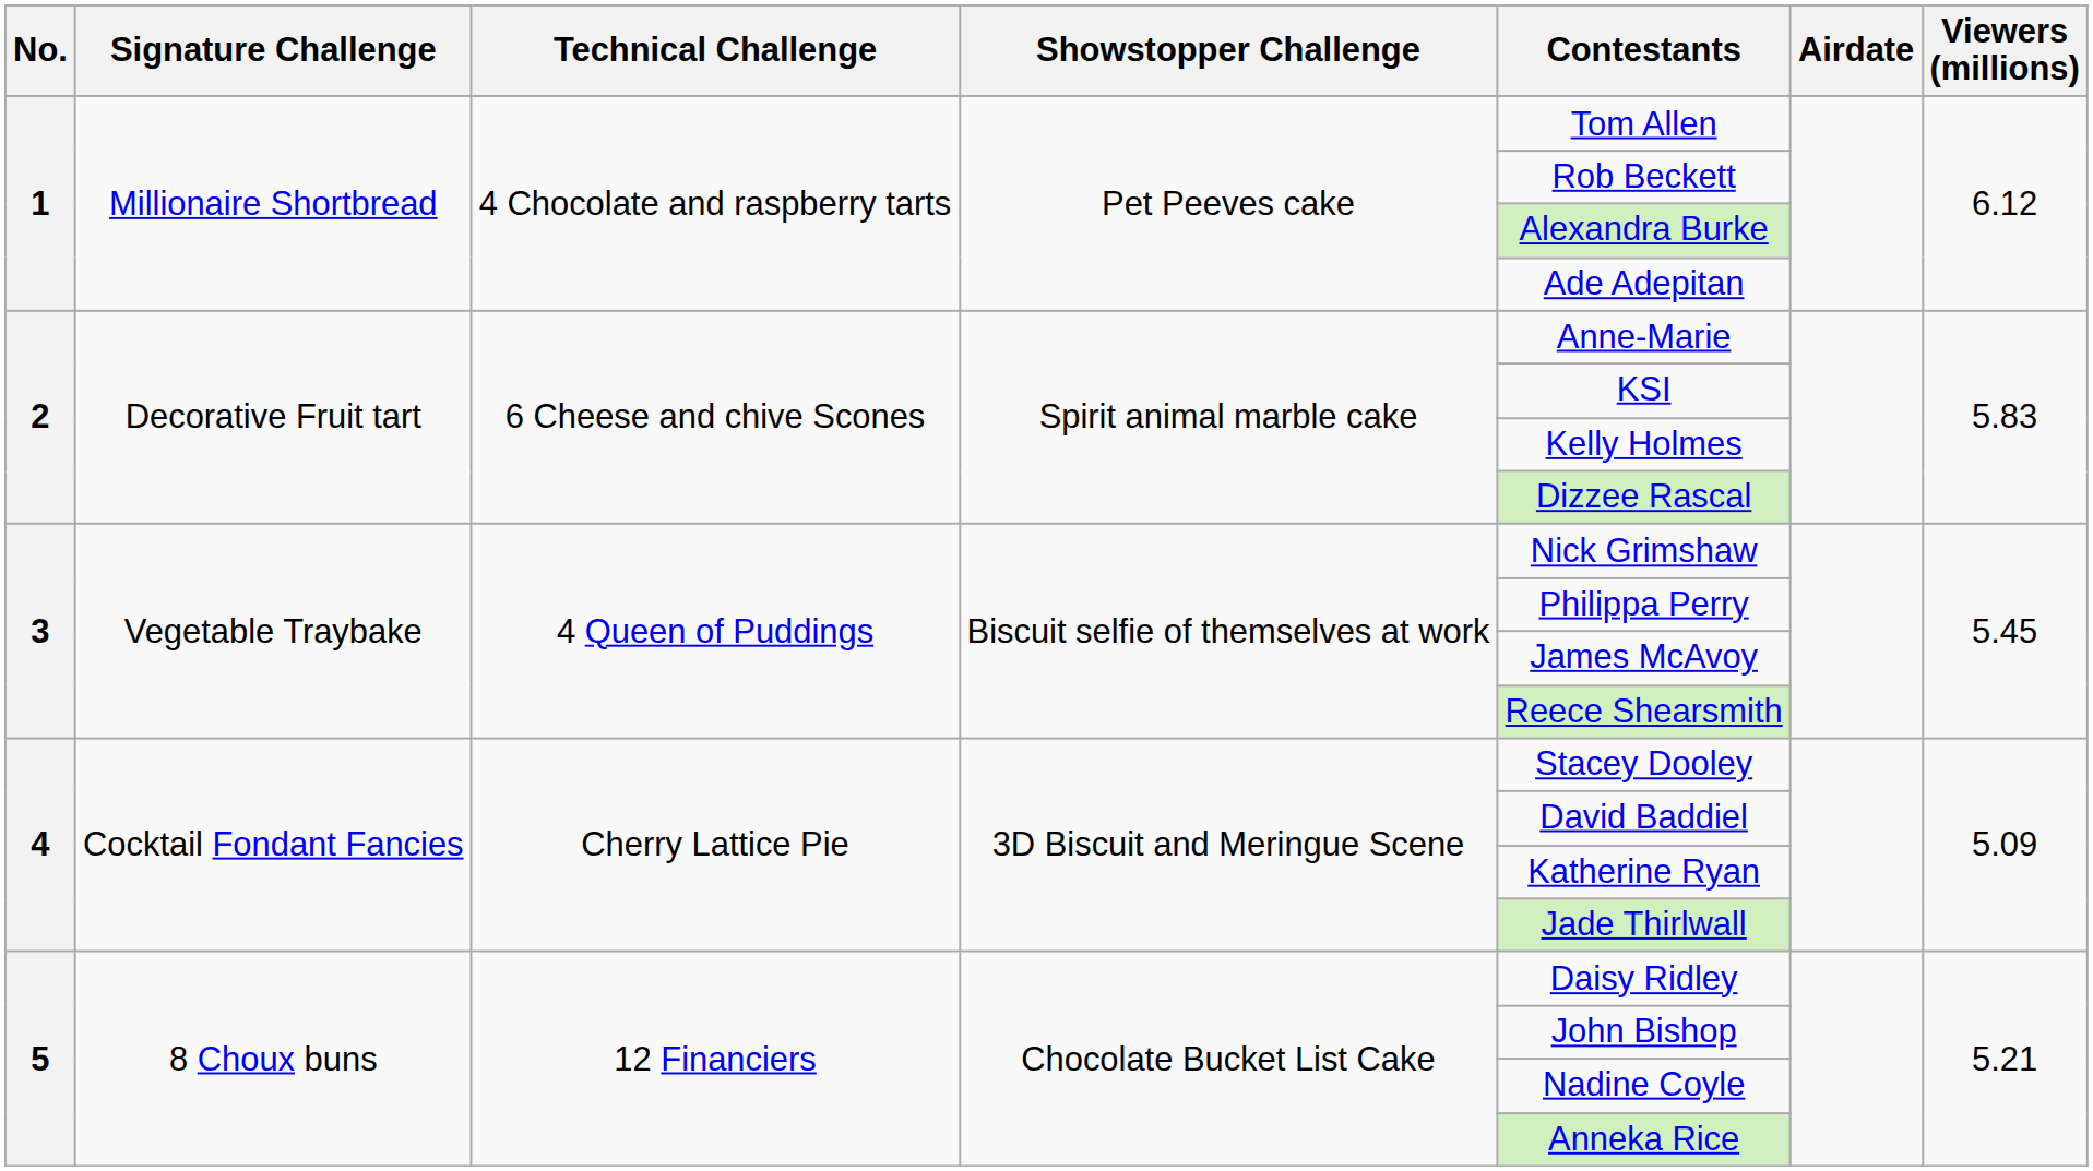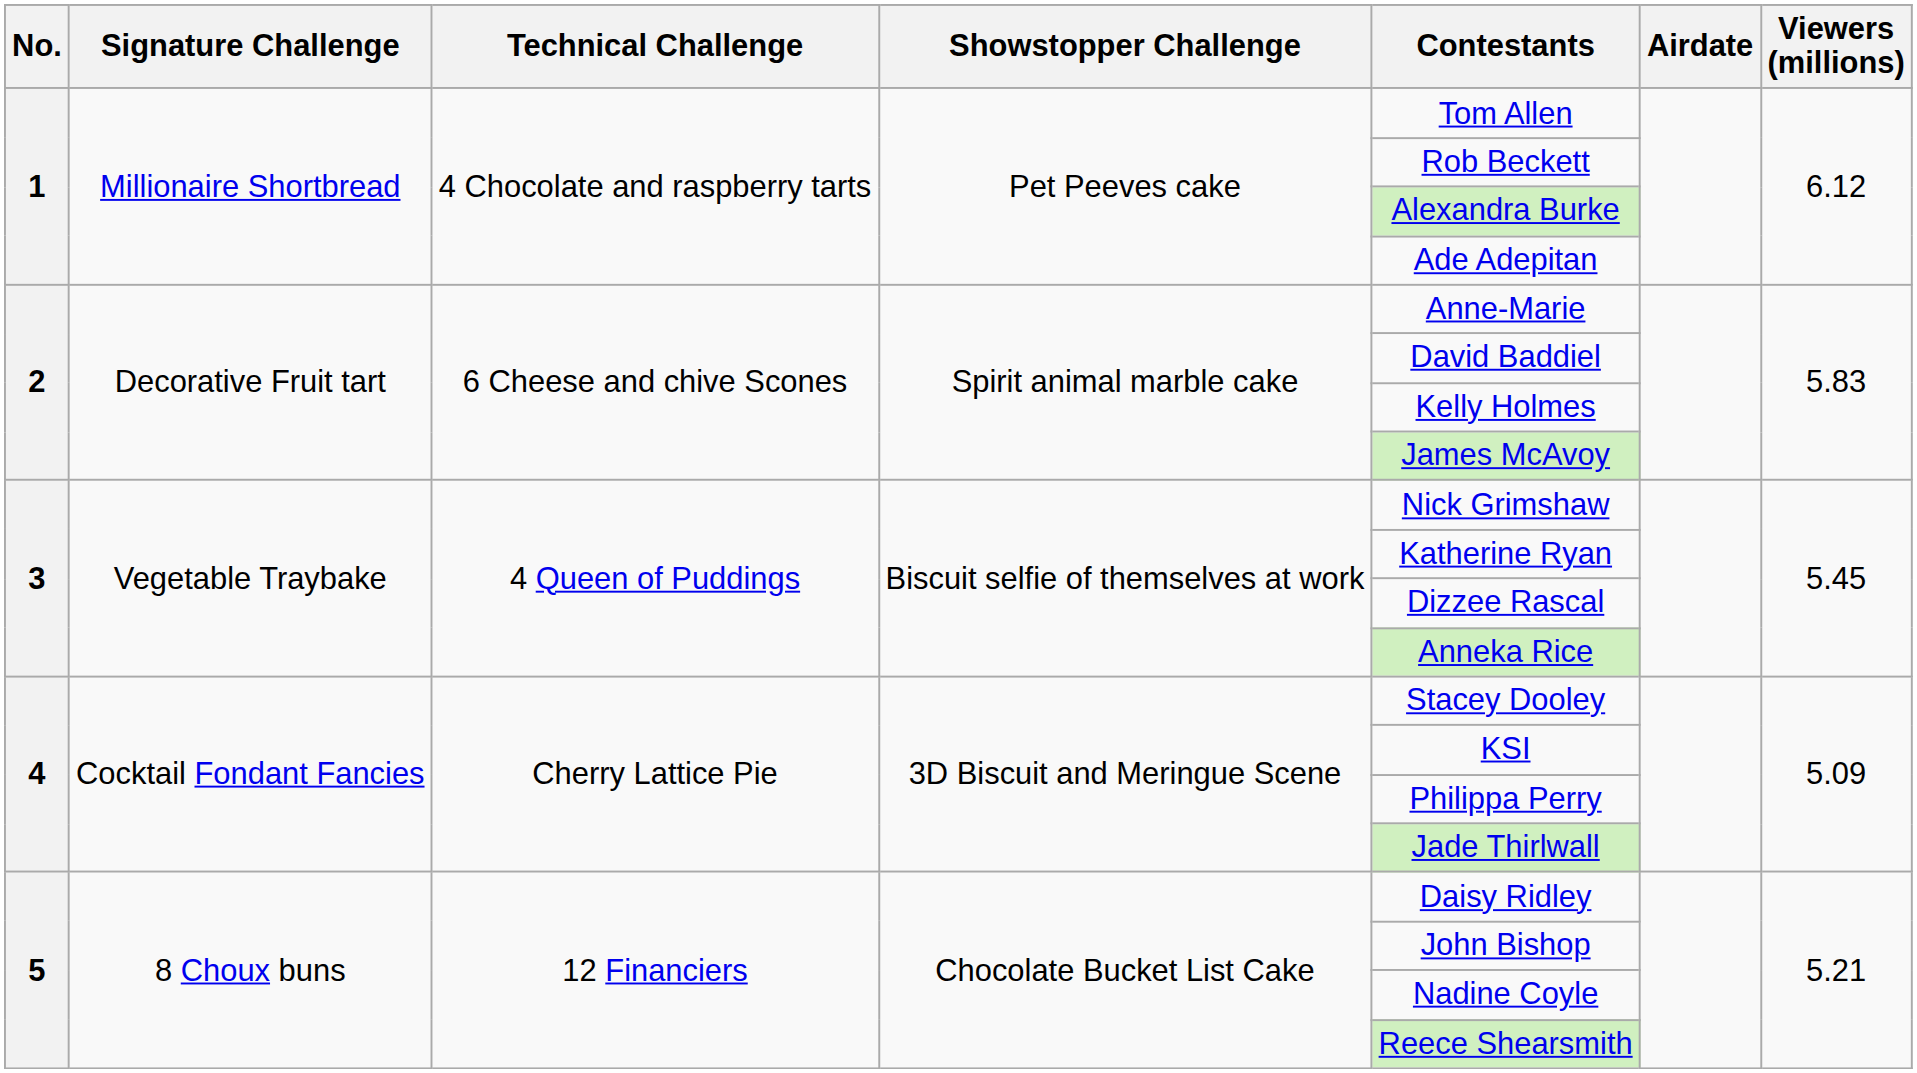 <table class="wikitable" style="text-align:center;">
 <tr>
 <th scope="col">No.</th>
 <th scope="col">Signature Challenge</th>
 <th scope="col">Technical Challenge</th>
 <th scope="col">Showstopper Challenge</th>
 <th scope="col">Contestants</th>
 <th scope="col">Airdate</th>
 <th scope="col">Viewers<br>(millions)</th>
 </tr>
 <tr>
 <th scope="rowgroup" rowspan=4>1</th>
 <td rowspan=4><a href='#'>Millionaire Shortbread</a></td>
 <td rowspan=4>4 Chocolate and raspberry tarts</td>
 <td rowspan=4>Pet Peeves cake</td>
 <td><a href='#'>Tom Allen</a></td>
 <td rowspan=4></td>
 <td rowspan=4>6.12</td>
 </tr>
 <tr>
 <td><a href='#'>Rob Beckett</a></td>
 </tr>
 <tr style="background:#d0f0c0">
 <td><a href='#'>Alexandra Burke</a></td>
 </tr>
 <tr>
 <td><a href='#'>Ade Adepitan</a></td>
 </tr>
 <tr>
 <th scope="rowgroup" rowspan=4>2</th>
 <td rowspan=4>Decorative Fruit tart</td>
 <td rowspan=4>6 Cheese and chive Scones</td>
 <td rowspan=4>Spirit animal marble cake</td>
 <td><a href='#'>Anne-Marie</a></td>
 <td rowspan=4></td>
 <td rowspan=4>5.83</td>
 </tr>
 <tr>
-<td><a href='#'>KSI</a></td>
+<td><a href='#'>David Baddiel</a></td>
 </tr>
 <tr>
 <td><a href='#'>Kelly Holmes</a></td>
 </tr>
 <tr style="background:#d0f0c0">
-<td><a href='#'>Dizzee Rascal</a></td>
+<td><a href='#'>James McAvoy</a></td>
 </tr>
 <tr>
 <th scope="rowgroup" rowspan=4>3</th>
 <td rowspan=4>Vegetable Traybake</td>
 <td rowspan=4>4 <a href='#'>Queen of Puddings</a></td>
 <td rowspan=4>Biscuit selfie of themselves at work</td>
 <td><a href='#'>Nick Grimshaw</a></td>
 <td rowspan=4></td>
 <td rowspan=4>5.45</td>
 </tr>
 <tr>
-<td><a href='#'>Philippa Perry</a></td>
+<td><a href='#'>Katherine Ryan</a></td>
 </tr>
 <tr>
-<td><a href='#'>James McAvoy</a></td>
+<td><a href='#'>Dizzee Rascal</a></td>
 </tr>
 <tr style="background:#d0f0c0">
-<td><a href='#'>Reece Shearsmith</a></td>
+<td><a href='#'>Anneka Rice</a></td>
 </tr>
 <tr>
 <th scope="rowgroup" rowspan=4>4</th>
 <td rowspan=4>Cocktail <a href='#'>Fondant Fancies</a></td>
 <td rowspan=4>Cherry Lattice Pie</td>
 <td rowspan=4>3D Biscuit and Meringue Scene</td>
 <td><a href='#'>Stacey Dooley</a></td>
 <td rowspan=4></td>
 <td rowspan=4>5.09</td>
 </tr>
 <tr>
-<td><a href='#'>David Baddiel</a></td>
+<td><a href='#'>KSI</a></td>
 </tr>
 <tr>
-<td><a href='#'>Katherine Ryan</a></td>
+<td><a href='#'>Philippa Perry</a></td>
 </tr>
 <tr style="background:#d0f0c0">
 <td><a href='#'>Jade Thirlwall</a></td>
 </tr>
 <tr>
 <th scope="rowgroup" rowspan=4>5</th>
 <td rowspan=4>8 <a href='#'>Choux</a> buns</td>
 <td rowspan=4>12 <a href='#'>Financiers</a></td>
 <td rowspan=4>Chocolate Bucket List Cake</td>
 <td><a href='#'>Daisy Ridley</a></td>
 <td rowspan=4></td>
 <td rowspan=4>5.21</td>
 </tr>
 <tr>
 <td><a href='#'>John Bishop</a></td>
 </tr>
 <tr>
 <td><a href='#'>Nadine Coyle</a></td>
 </tr>
 <tr style="background:#d0f0c0">
-<td><a href='#'>Anneka Rice</a></td>
+<td><a href='#'>Reece Shearsmith</a></td>
 </tr>
 </table>
